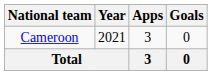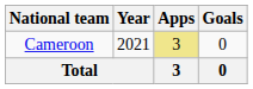 <table class="wikitable" style="text-align:center">
 <tr>
 <th>National team</th>
 <th>Year</th>
 <th>Apps</th>
 <th>Goals</th>
 </tr>
 <tr>
 <td rowspan="1"><a href='#'>Cameroon</a></td>
 <td>2021</td>
-<td>3</td>
+<td style="background: khaki;">3</td>
 <td>0</td>
 </tr>
 <tr>
 <th colspan="2">Total</th>
 <th>3</th>
 <th>0</th>
 </tr>
 </table>
